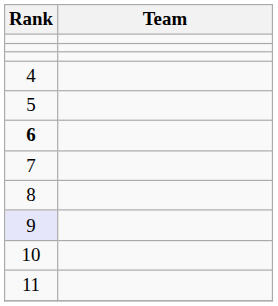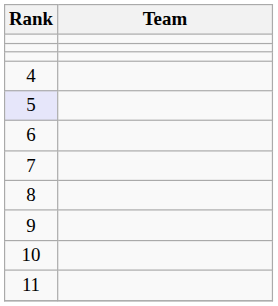 <table class="wikitable" style="text-align:center;">
 <tr>
 <th>Rank</th>
 <th width=175>Team</th>
 </tr>
 <tr>
 <td></td>
 <td align=left></td>
 </tr>
 <tr>
 <td></td>
 <td align=left></td>
 </tr>
 <tr>
 <td></td>
 <td align=left></td>
 </tr>
 <tr>
 <td>4</td>
 <td align=left></td>
 </tr>
 <tr>
-<td>5</td>
+<td style="background: lavender;">5</td>
 <td align=left></td>
 </tr>
 <tr>
-<td><strong>6</strong></td>
+<td>6</td>
 <td align=left></td>
 </tr>
 <tr>
 <td>7</td>
 <td align=left></td>
 </tr>
 <tr>
 <td>8</td>
 <td align=left></td>
 </tr>
 <tr>
-<td style="background: lavender;">9</td>
+<td>9</td>
 <td align=left></td>
 </tr>
 <tr>
 <td>10</td>
 <td align=left></td>
 </tr>
 <tr>
 <td>11</td>
 <td align=left></td>
 </tr>
 <tr>
 </tr>
 </table>
